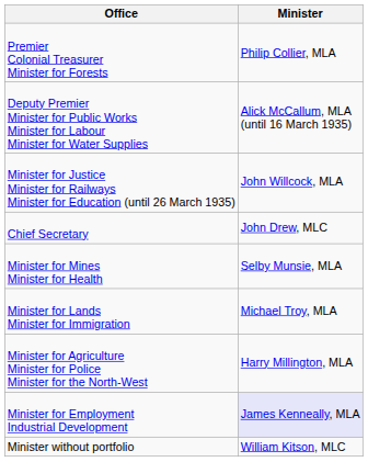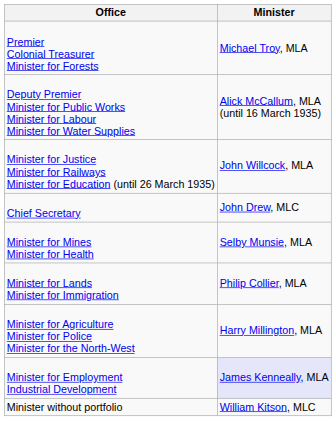 <table class="wikitable">
 <tr>
 <th>Office</th>
 <th>Minister</th>
 </tr>
 <tr>
 <td><br><a href='#'>Premier</a><br> <a href='#'>Colonial Treasurer</a><br> <a href='#'>Minister for Forests</a><br></td>
-<td><a href='#'>Philip Collier</a>, MLA</td>
+<td><a href='#'>Michael Troy</a>, MLA</td>
 </tr>
 <tr>
 <td><br><a href='#'>Deputy Premier</a><br> <a href='#'>Minister for Public Works</a><br> <a href='#'>Minister for Labour</a><br> <a href='#'>Minister for Water Supplies</a><br></td>
 <td><a href='#'>Alick McCallum</a>, MLA<br>(until 16 March 1935)</td>
 </tr>
 <tr>
 <td><br><a href='#'>Minister for Justice</a><br> <a href='#'>Minister for Railways</a><br> <a href='#'>Minister for Education</a> (until 26 March 1935)<br></td>
 <td><a href='#'>John Willcock</a>, MLA</td>
 </tr>
 <tr>
 <td><br><a href='#'>Chief Secretary</a><br></td>
 <td><a href='#'>John Drew</a>, MLC</td>
 </tr>
 <tr>
 <td><br><a href='#'>Minister for Mines</a><br> <a href='#'>Minister for Health</a><br></td>
 <td><a href='#'>Selby Munsie</a>, MLA</td>
 </tr>
 <tr>
 <td><br><a href='#'>Minister for Lands</a><br> <a href='#'>Minister for Immigration</a><br></td>
-<td><a href='#'>Michael Troy</a>, MLA</td>
+<td><a href='#'>Philip Collier</a>, MLA</td>
 </tr>
 <tr>
 <td><br><a href='#'>Minister for Agriculture</a><br> <a href='#'>Minister for Police</a><br> <a href='#'>Minister for the North-West</a></td>
 <td><a href='#'>Harry Millington</a>, MLA</td>
 </tr>
 <tr>
 <td><br><a href='#'>Minister for Employment</a><br> <a href='#'>Industrial Development</a><br></td>
 <td style="background: lavender;"><a href='#'>James Kenneally</a>, MLA</td>
 </tr>
 <tr>
 <td>Minister without portfolio</td>
 <td><a href='#'>William Kitson</a>, MLC</td>
 </tr>
 </table>
